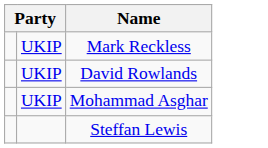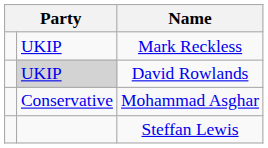 <table class="wikitable" style="text-align:center">
 <tr>
 <th colspan="2">Party</th>
 <th>Name</th>
 </tr>
 <tr>
 <td style="width: 4px"></td>
 <td style="text-align: left;" scope="row"><a href='#'>UKIP</a></td>
 <td><a href='#'>Mark Reckless</a></td>
 </tr>
 <tr>
 <td style="width: 4px"></td>
-<td style="text-align: left;" scope="row"><a href='#'>UKIP</a></td>
+<td style="background: lightgrey; text-align: left;" scope="row"><a href='#'>UKIP</a></td>
 <td><a href='#'>David Rowlands</a></td>
 </tr>
 <tr>
 <td style="width: 4px"></td>
-<td style="text-align: left;" scope="row"><a href='#'>UKIP</a></td>
+<td style="text-align: left;" scope="row"><a href='#'>Conservative</a></td>
 <td><a href='#'>Mohammad Asghar</a></td>
 </tr>
 <tr>
 <td style="width: 4px"></td>
 <td style="text-align: left;" scope="row"><a href='#'></a></td>
 <td><a href='#'>Steffan Lewis</a></td>
 </tr>
 </table>
